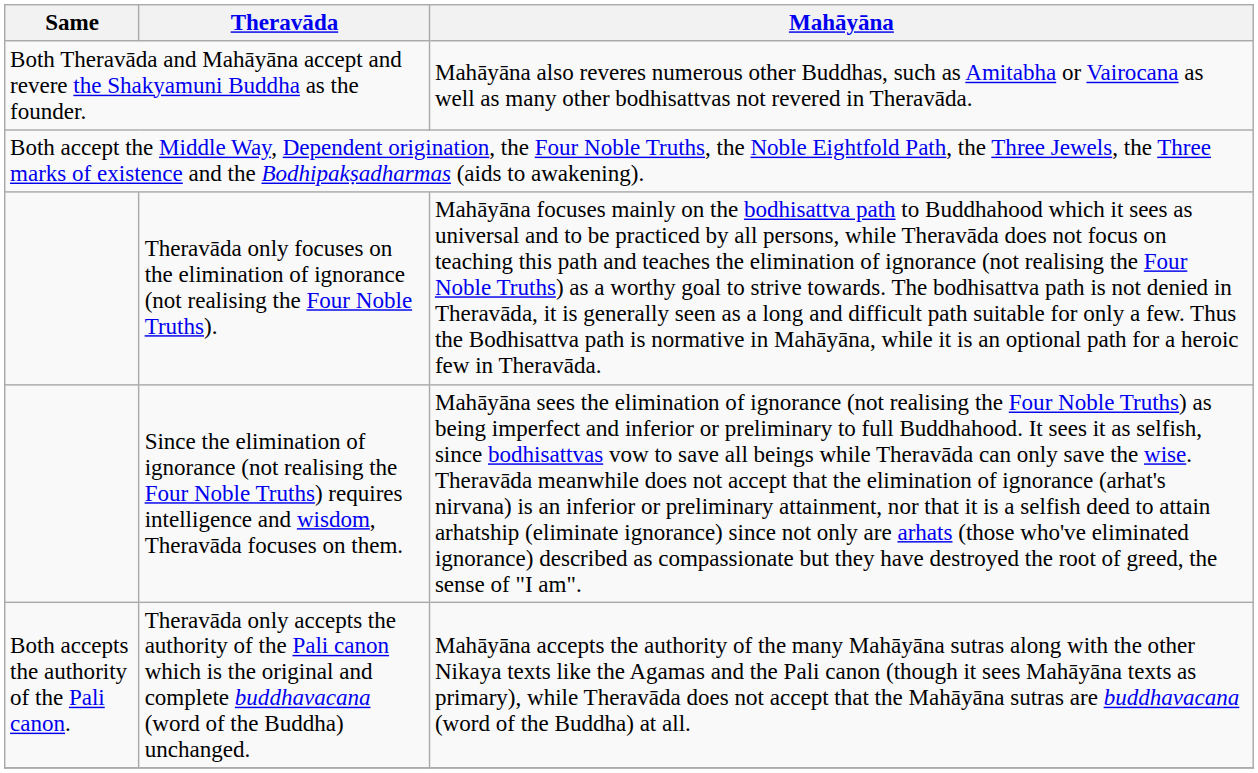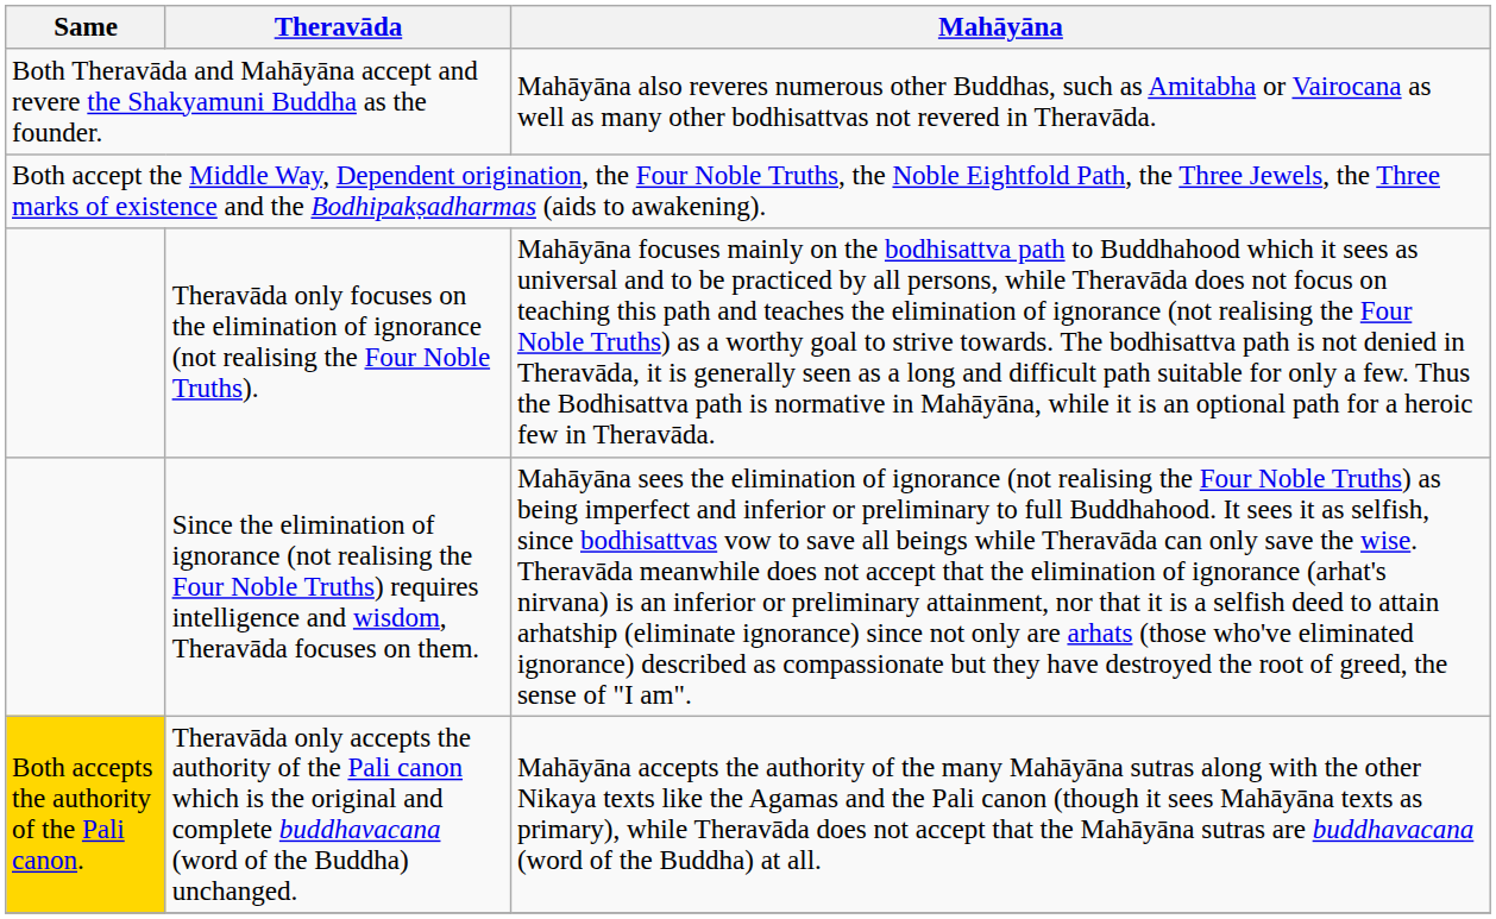 <table class="wikitable">
 <tr>
 <th>Same</th>
 <th><a href='#'>Theravāda</a></th>
 <th><a href='#'>Mahāyāna</a></th>
 </tr>
 <tr>
 <td colspan=2>Both Theravāda and Mahāyāna accept and revere <a href='#'>the Shakyamuni Buddha</a> as the founder.</td>
 <td>Mahāyāna also reveres numerous other Buddhas, such as <a href='#'>Amitabha</a> or <a href='#'>Vairocana</a> as well as many other bodhisattvas not revered in Theravāda.</td>
 </tr>
 <tr>
 <td colspan=3>Both accept the <a href='#'>Middle Way</a>, <a href='#'>Dependent origination</a>, the <a href='#'>Four Noble Truths</a>, the <a href='#'>Noble Eightfold Path</a>, the <a href='#'>Three Jewels</a>, the <a href='#'>Three marks of existence</a> and the <em><a href='#'>Bodhipakṣadharmas</a></em> (aids to awakening).</td>
 </tr>
 <tr>
 <td></td>
 <td>Theravāda only focuses on the elimination of ignorance (not realising the <a href='#'>Four Noble Truths</a>).</td>
 <td>Mahāyāna focuses mainly on the <a href='#'>bodhisattva path</a> to Buddhahood which it sees as universal and to be practiced by all persons, while Theravāda does not focus on teaching this path and teaches the elimination of ignorance (not realising the <a href='#'>Four Noble Truths</a>) as a worthy goal to strive towards. The bodhisattva path is not denied in Theravāda, it is generally seen as a long and difficult path suitable for only a few. Thus the Bodhisattva path is normative in Mahāyāna, while it is an optional path for a heroic few in Theravāda.</td>
 </tr>
 <tr>
 <td></td>
 <td>Since the elimination of ignorance (not realising the <a href='#'>Four Noble Truths</a>) requires intelligence and <a href='#'>wisdom</a>, Theravāda focuses on them.</td>
 <td>Mahāyāna sees the elimination of ignorance (not realising the <a href='#'>Four Noble Truths</a>) as being imperfect and inferior or preliminary to full Buddhahood. It sees it as selfish, since <a href='#'>bodhisattvas</a> vow to save all beings while Theravāda can only save the <a href='#'>wise</a>. Theravāda meanwhile does not accept that the elimination of ignorance (arhat's nirvana) is an inferior or preliminary attainment, nor that it is a selfish deed to attain arhatship (eliminate ignorance) since not only are <a href='#'>arhats</a> (those who've eliminated ignorance) described as compassionate but they have destroyed the root of greed, the sense of "I am".</td>
 </tr>
 <tr>
-<td>Both accepts the authority of the <a href='#'>Pali canon</a>.</td>
+<td style="background: gold;">Both accepts the authority of the <a href='#'>Pali canon</a>.</td>
 <td>Theravāda only accepts the authority of the <a href='#'>Pali canon</a> which is the original and complete <em><a href='#'>buddhavacana</a></em> (word of the Buddha) unchanged.</td>
 <td>Mahāyāna accepts the authority of the many Mahāyāna sutras along with the other Nikaya texts like the Agamas and the Pali canon (though it sees Mahāyāna texts as primary), while Theravāda does not accept that the Mahāyāna sutras are <em><a href='#'>buddhavacana</a></em> (word of the Buddha) at all.</td>
 </tr>
 <tr>
 </tr>
 </table>
